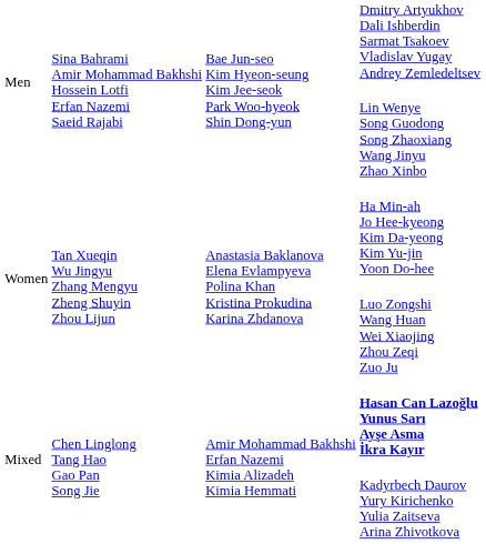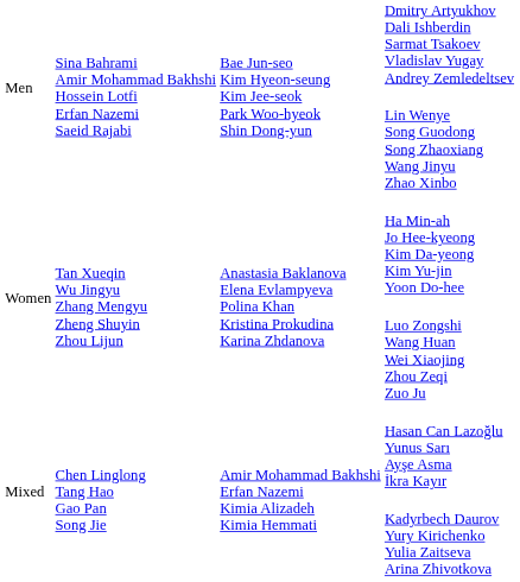 <table>
 <tr>
 <td rowspan=2>Men</td>
 <td rowspan=2><br><a href='#'>Sina Bahrami</a><br><a href='#'>Amir Mohammad Bakhshi</a><br><a href='#'>Hossein Lotfi</a><br><a href='#'>Erfan Nazemi</a><br><a href='#'>Saeid Rajabi</a></td>
 <td rowspan=2><br><a href='#'>Bae Jun-seo</a><br><a href='#'>Kim Hyeon-seung</a><br><a href='#'>Kim Jee-seok</a><br><a href='#'>Park Woo-hyeok</a><br><a href='#'>Shin Dong-yun</a></td>
 <td><br><a href='#'>Dmitry Artyukhov</a><br><a href='#'>Dali Ishberdin</a><br><a href='#'>Sarmat Tsakoev</a><br><a href='#'>Vladislav Yugay</a><br><a href='#'>Andrey Zemledeltsev</a></td>
 </tr>
 <tr>
 <td><br><a href='#'>Lin Wenye</a><br><a href='#'>Song Guodong</a><br><a href='#'>Song Zhaoxiang</a><br><a href='#'>Wang Jinyu</a><br><a href='#'>Zhao Xinbo</a></td>
 </tr>
 <tr>
 <td rowspan=2>Women</td>
 <td rowspan=2><br><a href='#'>Tan Xueqin</a><br><a href='#'>Wu Jingyu</a><br><a href='#'>Zhang Mengyu</a><br><a href='#'>Zheng Shuyin</a><br><a href='#'>Zhou Lijun</a></td>
 <td rowspan=2><br><a href='#'>Anastasia Baklanova</a><br><a href='#'>Elena Evlampyeva</a><br><a href='#'>Polina Khan</a><br><a href='#'>Kristina Prokudina</a><br><a href='#'>Karina Zhdanova</a></td>
 <td><br><a href='#'>Ha Min-ah</a><br><a href='#'>Jo Hee-kyeong</a><br><a href='#'>Kim Da-yeong</a><br><a href='#'>Kim Yu-jin</a><br><a href='#'>Yoon Do-hee</a></td>
 </tr>
 <tr>
 <td><br><a href='#'>Luo Zongshi</a><br><a href='#'>Wang Huan</a><br><a href='#'>Wei Xiaojing</a><br><a href='#'>Zhou Zeqi</a><br><a href='#'>Zuo Ju</a></td>
 </tr>
 <tr>
 <td rowspan=2>Mixed</td>
 <td rowspan=2><br><a href='#'>Chen Linglong</a><br><a href='#'>Tang Hao</a><br><a href='#'>Gao Pan</a><br><a href='#'>Song Jie</a></td>
 <td rowspan=2><br><a href='#'>Amir Mohammad Bakhshi</a><br><a href='#'>Erfan Nazemi</a><br><a href='#'>Kimia Alizadeh</a><br><a href='#'>Kimia Hemmati</a></td>
-<td><strong><br><a href='#'>Hasan Can Lazoğlu</a><br><a href='#'>Yunus Sarı</a><br><a href='#'>Ayşe Asma</a><br><a href='#'>İkra Kayır</a></strong></td>
+<td><br><a href='#'>Hasan Can Lazoğlu</a><br><a href='#'>Yunus Sarı</a><br><a href='#'>Ayşe Asma</a><br><a href='#'>İkra Kayır</a></td>
 </tr>
 <tr>
 <td><br><a href='#'>Kadyrbech Daurov</a><br><a href='#'>Yury Kirichenko</a><br><a href='#'>Yulia Zaitseva</a><br><a href='#'>Arina Zhivotkova</a></td>
 </tr>
 </table>
